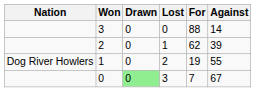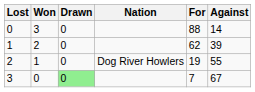 <table class="wikitable">
 <tr>
-<th>Nation</th>
+<th>Lost</th>
 <th>Won</th>
 <th>Drawn</th>
-<th>Lost</th>
+<th>Nation</th>
 <th>For</th>
 <th>Against</th>
 </tr>
 <tr>
-<td></td>
+<td>0</td>
 <td>3</td>
 <td>0</td>
-<td>0</td>
+<td></td>
 <td>88</td>
 <td>14</td>
 </tr>
 <tr>
-<td></td>
+<td>1</td>
 <td>2</td>
 <td>0</td>
-<td>1</td>
+<td></td>
 <td>62</td>
 <td>39</td>
 </tr>
 <tr>
-<td>Dog River Howlers</td>
+<td>2</td>
 <td>1</td>
 <td>0</td>
-<td>2</td>
+<td>Dog River Howlers</td>
 <td>19</td>
 <td>55</td>
 </tr>
 <tr>
-<td></td>
+<td>3</td>
 <td>0</td>
 <td style="background: lightgreen;">0</td>
-<td>3</td>
+<td></td>
 <td>7</td>
 <td>67</td>
 </tr>
 </table>
